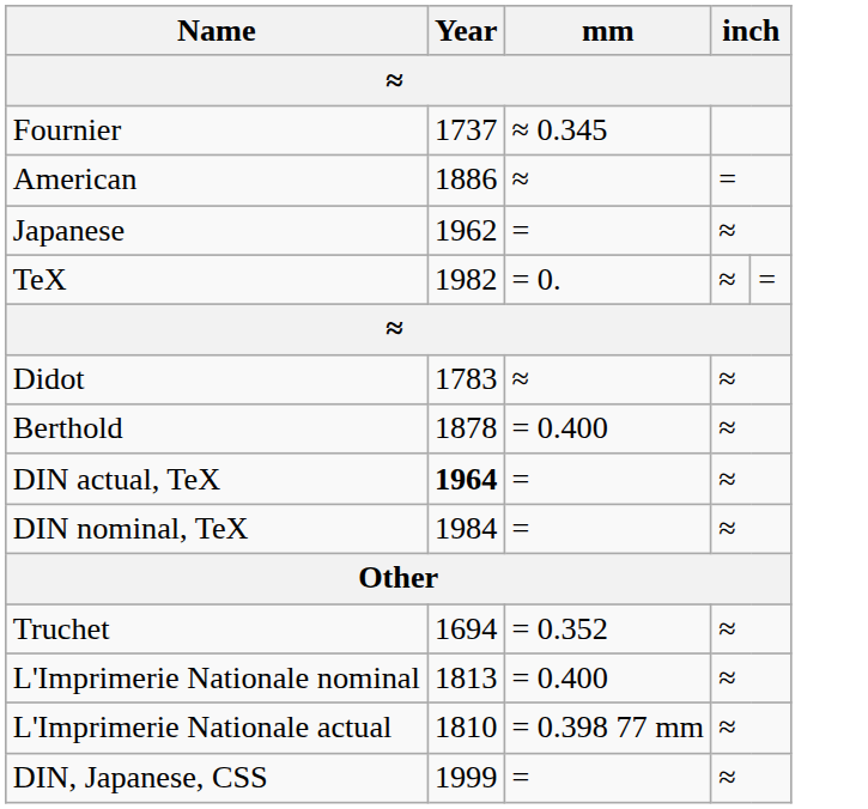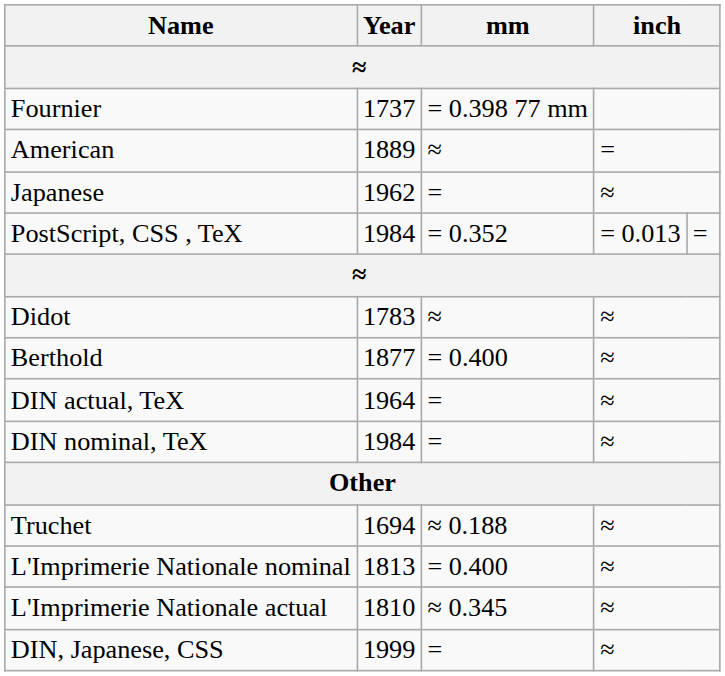 <table class="wikitable floatright">
 <tr>
 <th>Name</th>
 <th>Year</th>
 <th>mm</th>
 <th colspan=2 title="international inch of 25.4">inch</th>
 </tr>
 <tr>
 <th colspan=5>≈ </th>
 </tr>
 <tr>
 <td>Fournier</td>
 <td>1737</td>
-<td>≈ 0.345</td>
+<td>= 0.398 77 mm</td>
 <td colspan=2> </td>
 </tr>
 <tr>
 <td>American</td>
-<td>1886</td>
+<td>1889</td>
 <td>≈ </td>
 <td colspan=2>= </td>
 </tr>
 <tr>
 <td>Japanese</td>
 <td>1962</td>
 <td>= </td>
 <td colspan=2>≈ </td>
 </tr>
 <tr>
-<td>TeX </td>
-<td>1982</td>
-<td>= 0.</td>
-<td>≈ </td>
-<td>=  </td>
+<td>PostScript, CSS , TeX </td>
+<td>1984</td>
+<td>= 0.352</td>
+<td>= 0.013</td>
+<td>= </td>
 </tr>
 <tr>
 <th colspan=5>≈ </th>
 </tr>
 <tr>
 <td>Didot</td>
 <td>1783 </td>
 <td>≈ </td>
 <td colspan=2>≈ </td>
 </tr>
 <tr>
 <td>Berthold</td>
-<td>1878 </td>
+<td>1877 </td>
 <td>= 0.400</td>
 <td colspan=2>≈ </td>
 </tr>
 <tr>
 <td>DIN actual, TeX </td>
-<td><strong>1964</strong></td>
+<td>1964</td>
 <td>= </td>
 <td colspan=2>≈ </td>
 </tr>
 <tr>
 <td>DIN nominal, TeX </td>
 <td>1984</td>
 <td>= </td>
 <td colspan=2>≈ </td>
 </tr>
 <tr>
 <th colspan=5>Other</th>
 </tr>
 <tr>
 <td>Truchet</td>
 <td>1694</td>
-<td>= 0.352</td>
+<td>≈ 0.188</td>
 <td colspan=2>≈ </td>
 </tr>
 <tr>
 <td>L'Imprimerie Nationale nominal</td>
 <td>1813</td>
 <td>= 0.400</td>
 <td colspan=2>≈ </td>
 </tr>
 <tr>
 <td>L'Imprimerie Nationale actual</td>
 <td>1810</td>
-<td>= 0.398 77 mm</td>
+<td>≈ 0.345</td>
 <td colspan=2>≈ </td>
 </tr>
 <tr>
 <td>DIN, Japanese, CSS </td>
 <td>1999</td>
 <td>= </td>
 <td colspan=2>≈ </td>
 </tr>
 </table>
